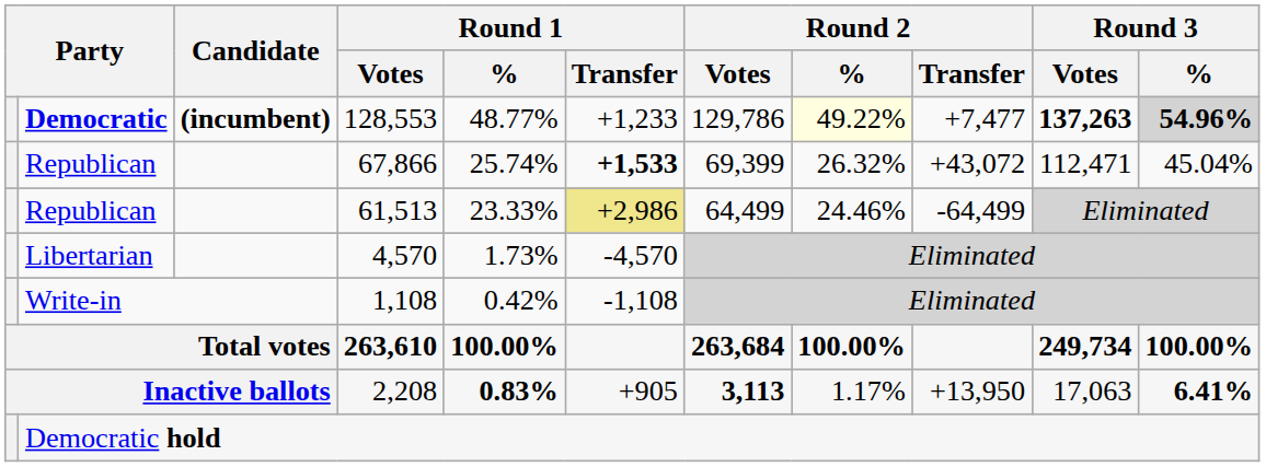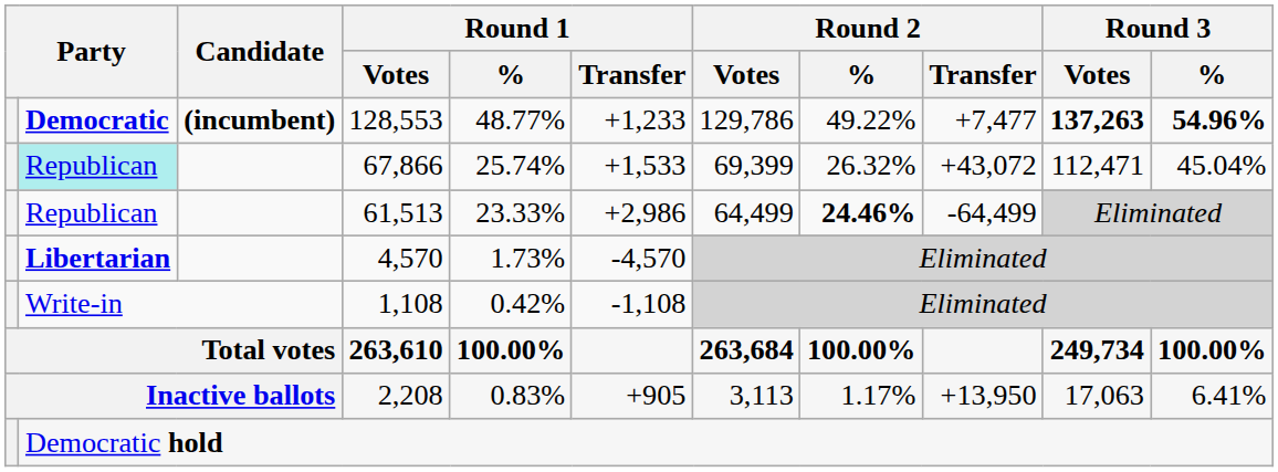 <table class="wikitable sortable" style="text-align:right">
 <tr>
 <th colspan=2 rowspan=2>Party</th>
 <th rowspan=2>Candidate</th>
 <th colspan=3>Round 1</th>
 <th colspan="3">Round 2</th>
 <th colspan=2>Round 3</th>
 </tr>
 <tr>
 <th>Votes</th>
 <th>%</th>
 <th>Transfer</th>
 <th>Votes</th>
 <th>%</th>
 <th>Transfer</th>
 <th>Votes</th>
 <th>%</th>
 </tr>
 <tr>
 <th style="background-color:"></th>
 <td style="text-align:left"><strong><a href='#'>Democratic</a></strong></td>
 <td style="text-align:left" scope="row"><strong> (incumbent)</strong></td>
 <td>128,553</td>
 <td>48.77%</td>
 <td>+1,233</td>
 <td>129,786</td>
-<td style="background: lightyellow;">49.22%</td>
+<td>49.22%</td>
 <td>+7,477</td>
 <td><strong>137,263</strong></td>
-<td style="background: lightgrey;"><strong>54.96%</strong></td>
+<td><strong>54.96%</strong></td>
 </tr>
 <tr>
 <th style="background-color:"></th>
-<td style="text-align:left"><a href='#'>Republican</a></td>
+<td style="background: paleturquoise; text-align:left"><a href='#'>Republican</a></td>
 <td style="text-align:left" scope="row"></td>
 <td>67,866</td>
 <td>25.74%</td>
-<td><strong>+1,533</strong></td>
+<td>+1,533</td>
 <td>69,399</td>
 <td>26.32%</td>
 <td>+43,072</td>
 <td>112,471</td>
 <td>45.04%</td>
 </tr>
 <tr>
 <th style="background-color:"></th>
 <td style="text-align:left"><a href='#'>Republican</a></td>
 <td style="text-align:left" scope="row"></td>
 <td>61,513</td>
 <td>23.33%</td>
-<td style="background: khaki;">+2,986</td>
+<td>+2,986</td>
 <td>64,499</td>
-<td>24.46%</td>
+<td><strong>24.46%</strong></td>
 <td>-64,499</td>
 <td colspan="2"  style="background:lightgrey; text-align:center;"><em>Eliminated</em></td>
 </tr>
 <tr>
 <th style="background-color:"></th>
-<td style="text-align:left"><a href='#'>Libertarian</a></td>
+<td style="text-align:left"><strong><a href='#'>Libertarian</a></strong></td>
 <td style="text-align:left" scope="row"></td>
 <td>4,570</td>
 <td>1.73%</td>
 <td>-4,570</td>
 <td colspan="5" style="background:lightgrey; text-align:center;"><em>Eliminated</em></td>
 </tr>
 <tr>
 <th style="background-color:"></th>
 <td style="text-align:left" colspan=2><a href='#'>Write-in</a></td>
 <td>1,108</td>
 <td>0.42%</td>
 <td>-1,108</td>
 <td colspan="5" style="background:lightgrey; text-align:center;"><em>Eliminated</em></td>
 </tr>
 <tr class="sortbottom" style="background-color:#F6F6F6">
 <th colspan=3 scope="row" style="text-align:right;"><strong>Total votes</strong></th>
 <td><strong>263,610</strong></td>
 <td><strong>100.00%</strong></td>
 <td></td>
 <td><strong>263,684</strong></td>
 <td><strong>100.00%</strong></td>
 <td></td>
 <td><strong>249,734</strong></td>
 <td><strong>100.00%</strong></td>
 </tr>
 <tr class="sortbottom" style="background-color:#F6F6F6">
 <th colspan=3 scope="row" style="text-align:right;"><a href='#'>Inactive ballots</a></th>
 <td>2,208</td>
-<td><strong>0.83%</strong></td>
+<td>0.83%</td>
 <td>+905</td>
-<td><strong>3,113</strong></td>
+<td>3,113</td>
 <td>1.17%</td>
 <td>+13,950</td>
 <td>17,063</td>
-<td><strong>6.41%</strong></td>
+<td>6.41%</td>
 </tr>
 <tr class="sortbottom" style="background:#f6f6f6;">
 <th style="background-color:"></th>
 <td colspan="11" style="text-align:left"><a href='#'>Democratic</a> <strong>hold</strong></td>
 </tr>
 </table>
